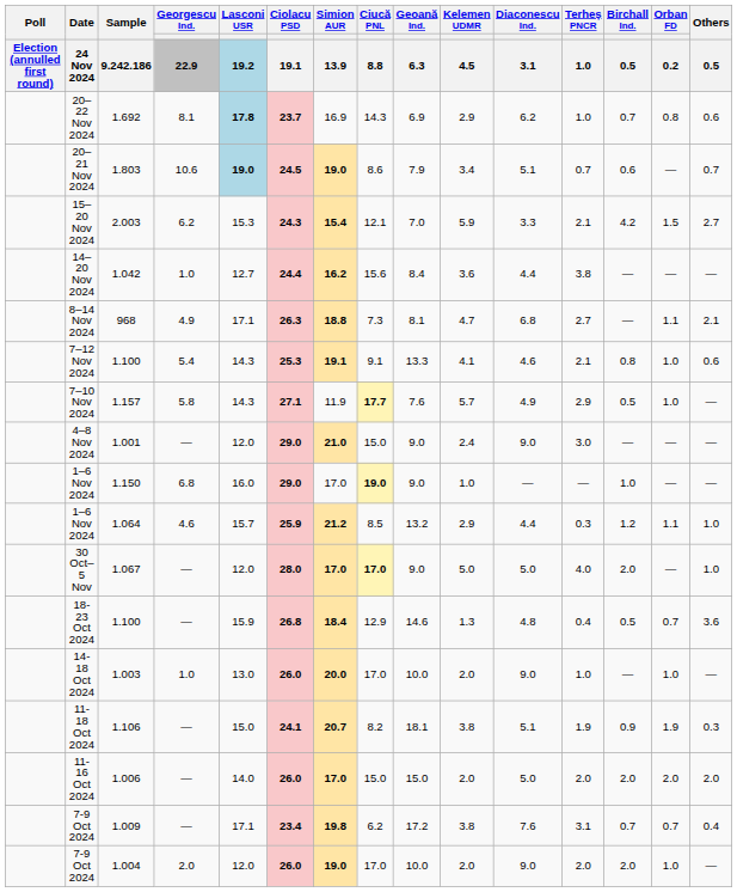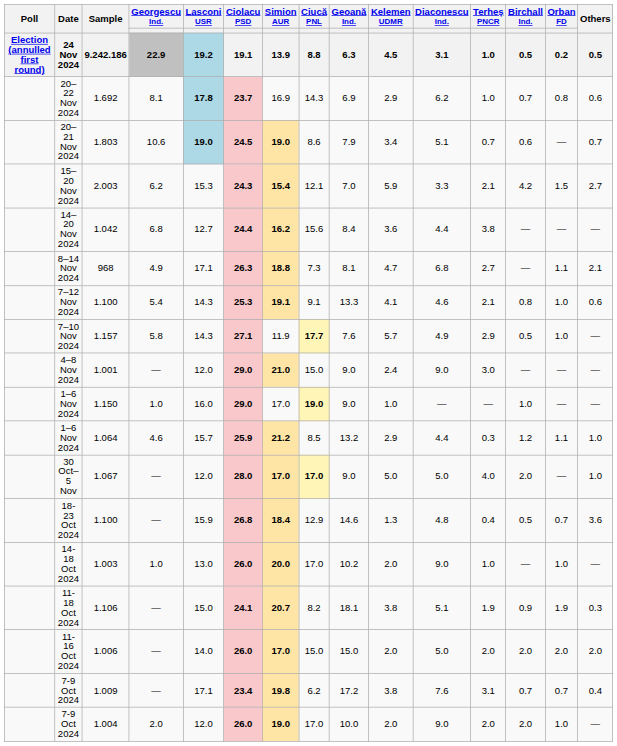 <table class="wikitable" style="text-align:center;font-size:85%;line-height:14px;">
 <tr>
 <th rowspan="2">Poll</th>
 <th rowspan="2">Date</th>
 <th rowspan="2" style="width:35px;">Sample</th>
 <th><a href='#'>Georgescu</a><br><small><a href='#'>Ind.</a></small></th>
 <th class="unsortable" style="width:20px;"><a href='#'>Lasconi</a><br><small><a href='#'>USR</a></small></th>
 <th class="unsortable" style="width:20px;"><a href='#'>Ciolacu</a><br><small><a href='#'>PSD</a></small></th>
 <th class="unsortable" style="width:20px;"><a href='#'>Simion</a><br><small><a href='#'>AUR</a></small></th>
 <th class="unsortable" style="width:20px;"><a href='#'>Ciucă</a><br><small><a href='#'>PNL</a></small></th>
 <th class="unsortable" style="width:20px;"><a href='#'>Geoană</a><br><small><a href='#'>Ind.</a></small></th>
 <th class="unsortable" style="width:20px;"><a href='#'>Kelemen</a><br><small><a href='#'>UDMR</a></small></th>
 <th class="unsortable" style="width:20px;"><a href='#'>Diaconescu</a><br><small><a href='#'>Ind.</a></small></th>
 <th><a href='#'>Terheș</a><br><small><a href='#'>PNCR</a></small></th>
 <th class="unsortable" style="width:20px;"><a href='#'>Birchall</a><br><small><a href='#'>Ind.</a></small></th>
 <th><a href='#'>Orban</a><br><small><a href='#'>FD</a></small></th>
 <th rowspan="2">Others</th>
 </tr>
 <tr>
 <th style="background:"></th>
 <th style="background:"></th>
 <th style="background:"></th>
 <th style="background:"></th>
 <th style="background:"></th>
 <th style="background:"></th>
 <th style="background:"></th>
 <th style="background:"></th>
 <th style="background:"></th>
 <th style="background:"></th>
 <th style="background:"></th>
 </tr>
 <tr>
 <th><a href='#'>Election (annulled first round)</a></th>
 <th>24 Nov 2024</th>
 <th>9.242.186</th>
 <th style="background:#C0C0C0">22.9</th>
 <th style="background:lightblue">19.2</th>
 <th>19.1</th>
 <th>13.9</th>
 <th>8.8</th>
 <th>6.3</th>
 <th>4.5</th>
 <th>3.1</th>
 <th>1.0</th>
 <th>0.5</th>
 <th>0.2</th>
 <th>0.5</th>
 </tr>
 <tr>
 <td></td>
 <td>20–22 Nov 2024</td>
 <td>1.692</td>
 <td>8.1</td>
 <td style="background:lightblue"><strong>17.8</strong></td>
 <td style="background:#F9C8CA;"><strong>23.7</strong></td>
 <td>16.9</td>
 <td>14.3</td>
 <td>6.9</td>
 <td>2.9</td>
 <td>6.2</td>
 <td>1.0</td>
 <td>0.7</td>
 <td>0.8</td>
 <td>0.6</td>
 </tr>
 <tr>
 <td></td>
 <td>20–21 Nov 2024</td>
 <td>1.803</td>
 <td>10.6</td>
 <td style="background:lightblue"><strong>19.0</strong></td>
 <td style="background:#F9C8CA;"><strong>24.5</strong></td>
 <td style="background:#FFE5A5;"><strong>19.0</strong></td>
 <td>8.6</td>
 <td>7.9</td>
 <td>3.4</td>
 <td>5.1</td>
 <td>0.7</td>
 <td>0.6</td>
 <td>—</td>
 <td>0.7</td>
 </tr>
 <tr>
 <td></td>
 <td>15–20 Nov 2024</td>
 <td>2.003</td>
 <td>6.2</td>
 <td>15.3</td>
 <td style="background:#F9C8CA;"><strong>24.3</strong></td>
 <td style="background:#FFE5A5;"><strong>15.4</strong></td>
 <td>12.1</td>
 <td>7.0</td>
 <td>5.9</td>
 <td>3.3</td>
 <td>2.1</td>
 <td>4.2</td>
 <td>1.5</td>
 <td>2.7</td>
 </tr>
 <tr>
 <td></td>
 <td>14–20 Nov 2024</td>
 <td>1.042</td>
-<td>1.0</td>
+<td>6.8</td>
 <td>12.7</td>
 <td style="background:#F9C8CA;"><strong>24.4</strong></td>
 <td style="background:#FFE5A5;"><strong>16.2</strong></td>
 <td>15.6</td>
 <td>8.4</td>
 <td>3.6</td>
 <td>4.4</td>
 <td>3.8</td>
 <td>—</td>
 <td>—</td>
 <td>—</td>
 </tr>
 <tr>
 <td></td>
 <td>8–14 Nov 2024</td>
 <td>968</td>
 <td>4.9</td>
 <td>17.1</td>
 <td style="background:#F9C8CA;"><strong>26.3</strong></td>
 <td style="background:#FFE5A5;"><strong>18.8</strong></td>
 <td>7.3</td>
 <td>8.1</td>
 <td>4.7</td>
 <td>6.8</td>
 <td>2.7</td>
 <td>—</td>
 <td>1.1</td>
 <td>2.1</td>
 </tr>
 <tr>
 <td></td>
 <td>7–12 Nov 2024</td>
 <td>1.100</td>
 <td>5.4</td>
 <td>14.3</td>
 <td style="background:#F9C8CA;"><strong>25.3</strong></td>
 <td style="background:#FFE5A5;"><strong>19.1</strong></td>
 <td>9.1</td>
 <td>13.3</td>
 <td>4.1</td>
 <td>4.6</td>
 <td>2.1</td>
 <td>0.8</td>
 <td>1.0</td>
 <td>0.6</td>
 </tr>
 <tr>
 <td></td>
 <td>7–10 Nov 2024</td>
 <td>1.157</td>
 <td>5.8</td>
 <td>14.3</td>
 <td style="background:#F9C8CA;"><strong>27.1</strong></td>
 <td>11.9</td>
 <td style="background:#FFF5B6;"><strong>17.7</strong></td>
 <td>7.6</td>
 <td>5.7</td>
 <td>4.9</td>
 <td>2.9</td>
 <td>0.5</td>
 <td>1.0</td>
 <td>—</td>
 </tr>
 <tr>
 <td></td>
 <td>4–8 Nov 2024</td>
 <td>1.001</td>
 <td>—</td>
 <td>12.0</td>
 <td style="background:#F9C8CA;"><strong>29.0</strong></td>
 <td style="background:#FFE5A5;"><strong>21.0</strong></td>
 <td>15.0</td>
 <td>9.0</td>
 <td>2.4</td>
 <td>9.0</td>
 <td>3.0</td>
 <td>—</td>
 <td>—</td>
 <td>—</td>
 </tr>
 <tr>
 <td></td>
 <td>1–6 Nov 2024</td>
 <td>1.150</td>
-<td>6.8</td>
+<td>1.0</td>
 <td>16.0</td>
 <td style="background:#F9C8CA;"><strong>29.0</strong></td>
 <td>17.0</td>
 <td style="background:#FFF5B6;"><strong>19.0</strong></td>
 <td>9.0</td>
 <td>1.0</td>
 <td>—</td>
 <td>—</td>
 <td>1.0</td>
 <td>—</td>
 <td>—</td>
 </tr>
 <tr>
 <td></td>
 <td>1–6 Nov 2024</td>
 <td>1.064</td>
 <td>4.6</td>
 <td>15.7</td>
 <td style="background:#F9C8CA;"><strong>25.9</strong></td>
 <td style="background:#FFE5A5;"><strong>21.2</strong></td>
 <td>8.5</td>
 <td>13.2</td>
 <td>2.9</td>
 <td>4.4</td>
 <td>0.3</td>
 <td>1.2</td>
 <td>1.1</td>
 <td>1.0</td>
 </tr>
 <tr>
 <td></td>
 <td>30 Oct–5 Nov</td>
 <td>1.067</td>
 <td>—</td>
 <td>12.0</td>
 <td style="background:#F9C8CA;"><strong>28.0</strong></td>
 <td style="background:#FFE5A5;"><strong>17.0</strong></td>
 <td style="background:#FFF5B6;"><strong>17.0</strong></td>
 <td>9.0</td>
 <td>5.0</td>
 <td>5.0</td>
 <td>4.0</td>
 <td>2.0</td>
 <td>—</td>
 <td>1.0</td>
 </tr>
 <tr>
 <td></td>
 <td>18-23 Oct 2024</td>
 <td>1.100</td>
 <td>—</td>
 <td>15.9</td>
 <td style="background:#F9C8CA;"><strong>26.8</strong></td>
 <td style="background:#FFE5A5;"><strong>18.4</strong></td>
 <td>12.9</td>
 <td>14.6</td>
 <td>1.3</td>
 <td>4.8</td>
 <td>0.4</td>
 <td>0.5</td>
 <td>0.7</td>
 <td>3.6</td>
 </tr>
 <tr>
 <td></td>
 <td>14-18 Oct 2024</td>
 <td>1.003</td>
 <td>1.0</td>
 <td>13.0</td>
 <td style="background:#F9C8CA;"><strong>26.0</strong></td>
 <td style="background:#FFE5A5;"><strong>20.0</strong></td>
 <td>17.0</td>
-<td>10.0</td>
+<td>10.2</td>
 <td>2.0</td>
 <td>9.0</td>
 <td>1.0</td>
 <td>—</td>
 <td>1.0</td>
 <td>—</td>
 </tr>
 <tr>
 <td></td>
 <td>11-18 Oct 2024</td>
 <td>1.106</td>
 <td>—</td>
 <td>15.0</td>
 <td style="background:#F9C8CA;"><strong>24.1</strong></td>
 <td style="background:#FFE5A5;"><strong>20.7</strong></td>
 <td>8.2</td>
 <td>18.1</td>
 <td>3.8</td>
 <td>5.1</td>
 <td>1.9</td>
 <td>0.9</td>
 <td>1.9</td>
 <td>0.3</td>
 </tr>
 <tr>
 <td></td>
 <td>11-16 Oct 2024</td>
 <td>1.006</td>
 <td>—</td>
 <td>14.0</td>
 <td style="background:#F9C8CA;"><strong>26.0</strong></td>
 <td style="background:#FFE5A5;"><strong>17.0</strong></td>
 <td>15.0</td>
 <td>15.0</td>
 <td>2.0</td>
 <td>5.0</td>
 <td>2.0</td>
 <td>2.0</td>
 <td>2.0</td>
 <td>2.0</td>
 </tr>
 <tr>
 <td></td>
 <td>7-9 Oct 2024</td>
 <td>1.009</td>
 <td>—</td>
 <td>17.1</td>
 <td style="background:#F9C8CA;"><strong>23.4</strong></td>
 <td style="background:#FFE5A5;"><strong>19.8</strong></td>
 <td>6.2</td>
 <td>17.2</td>
 <td>3.8</td>
 <td>7.6</td>
 <td>3.1</td>
 <td>0.7</td>
 <td>0.7</td>
 <td>0.4</td>
 </tr>
 <tr>
 <td></td>
 <td>7-9 Oct 2024</td>
 <td>1.004</td>
 <td>2.0</td>
 <td>12.0</td>
 <td style="background:#F9C8CA;"><strong>26.0</strong></td>
 <td style="background:#FFE5A5;"><strong>19.0</strong></td>
 <td>17.0</td>
 <td>10.0</td>
 <td>2.0</td>
 <td>9.0</td>
 <td>2.0</td>
 <td>2.0</td>
 <td>1.0</td>
 <td>—</td>
 </tr>
 </table>
